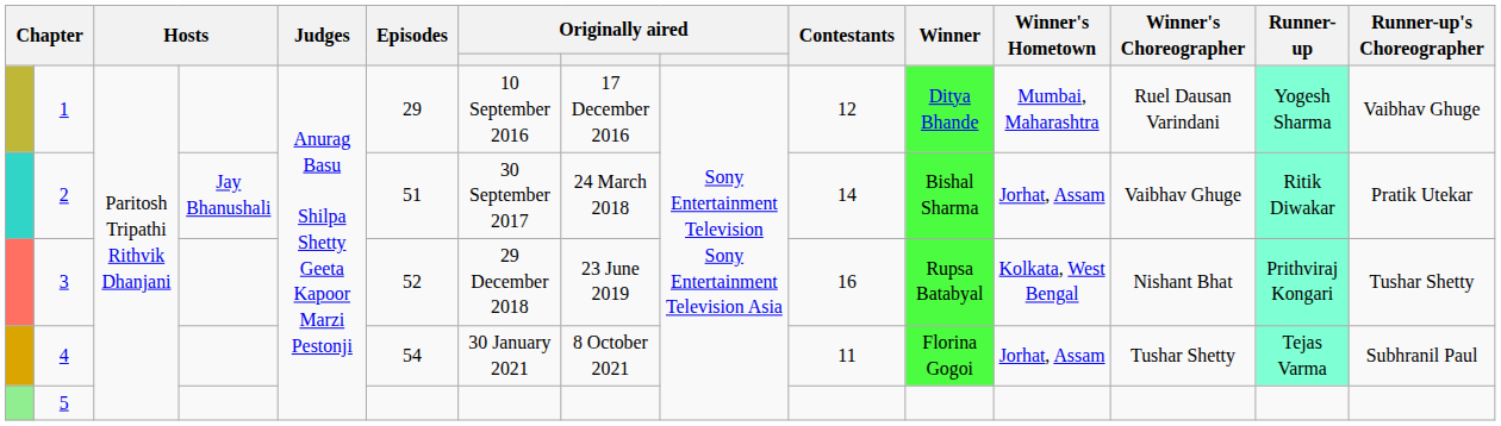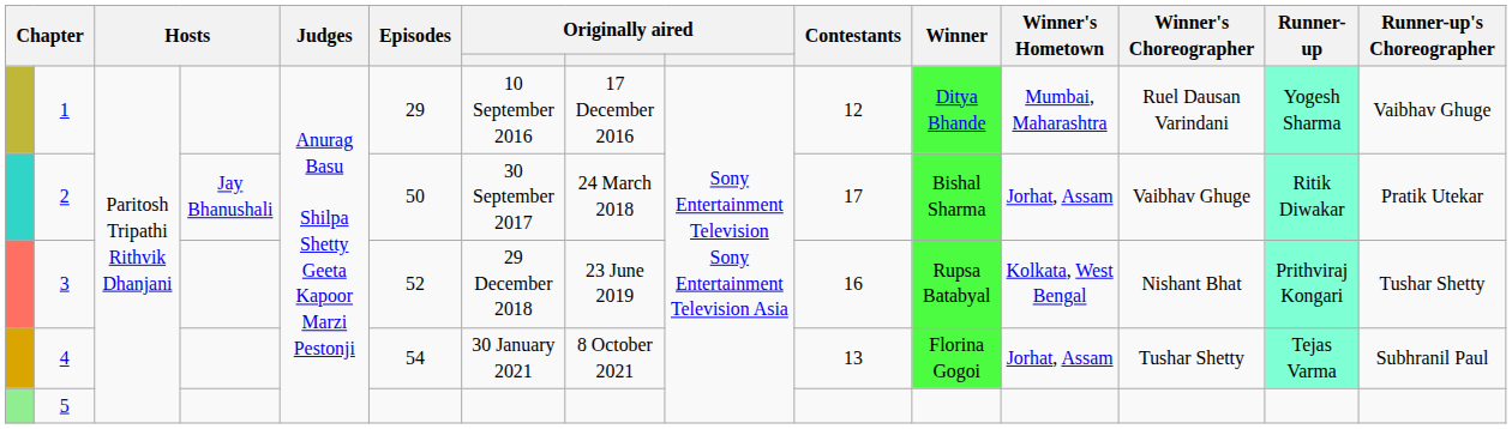 <table class="wikitable" style="text-align:center; width:100%; font-size:100%; line-height:22px;">
 <tr>
 <th style="width: 5%;" colspan="2" rowspan="2">Chapter</th>
 <th colspan="2" style="width: 5%;" rowspan="2">Hosts</th>
 <th style="width: 5%;" rowspan="2">Judges</th>
 <th rowspan="2" style="width: 5%;">Episodes</th>
 <th colspan="3" style="width: 5%;">Originally aired</th>
 <th rowspan="2" style="width: 5%;">Contestants</th>
 <th rowspan="2" style="width: 5%;">Winner</th>
 <th rowspan="2" style="width: 5%;">Winner's Hometown</th>
 <th rowspan="2" style="width: 5%;">Winner's Choreographer</th>
 <th rowspan="2" style="width: 5%;">Runner-up</th>
 <th rowspan="2" style="width: 5%;">Runner-up's Choreographer</th>
 </tr>
 <tr>
 <th style="width: 5%;"></th>
 <th style="width: 5%;"></th>
 <th style="width: 5%;"></th>
 </tr>
 <tr>
 <td style="background:#BFB737"></td>
 <td><a href='#'>1</a></td>
 <td rowspan="5">Paritosh Tripathi<br><a href='#'>Rithvik Dhanjani</a></td>
 <td></td>
 <td rowspan="6"><a href='#'>Anurag Basu</a><br><br><a href='#'>Shilpa Shetty</a><br> <a href='#'>Geeta Kapoor</a><br> <a href='#'>Marzi Pestonji</a></td>
 <td>29</td>
 <td>10 September 2016</td>
 <td>17 December 2016</td>
 <td rowspan="5" style="width: 5%;"><a href='#'>Sony Entertainment Television</a><br><a href='#'>Sony Entertainment Television Asia</a></td>
 <td>12</td>
 <td style="background:#4CFC40;"><a href='#'>Ditya Bhande</a></td>
 <td><a href='#'>Mumbai</a>, <a href='#'>Maharashtra</a></td>
 <td>Ruel Dausan Varindani</td>
 <td style ="background:#7FFFD4;">Yogesh Sharma</td>
 <td>Vaibhav Ghuge</td>
 </tr>
 <tr>
 <td style="background:#30D5C8"></td>
 <td><a href='#'>2</a></td>
 <td><a href='#'>Jay Bhanushali</a></td>
-<td>51</td>
+<td>50</td>
 <td>30 September 2017</td>
 <td>24 March 2018</td>
-<td>14</td>
+<td>17</td>
 <td style="background:#4CFC40;">Bishal Sharma</td>
 <td><a href='#'>Jorhat</a>, <a href='#'>Assam</a></td>
 <td>Vaibhav Ghuge</td>
 <td style ="background:#7FFFD4;">Ritik Diwakar</td>
 <td>Pratik Utekar</td>
 </tr>
 <tr>
 <td style="background:#FF6F62"></td>
 <td><a href='#'>3</a></td>
 <td></td>
 <td>52</td>
 <td>29 December 2018</td>
 <td>23 June 2019</td>
 <td>16</td>
 <td style="background:#4CFC40;">Rupsa Batabyal</td>
 <td><a href='#'>Kolkata</a>, <a href='#'>West Bengal</a></td>
 <td>Nishant Bhat</td>
 <td style ="background:#7FFFD4;">Prithviraj Kongari</td>
 <td>Tushar Shetty</td>
 </tr>
 <tr>
 <td style="background:#DAA500"></td>
 <td><a href='#'>4</a></td>
 <td></td>
 <td>54</td>
 <td>30 January 2021</td>
 <td>8 October 2021</td>
-<td>11</td>
+<td>13</td>
 <td style="background:#4CFC40;">Florina Gogoi</td>
 <td><a href='#'>Jorhat</a>, <a href='#'>Assam</a></td>
 <td>Tushar Shetty</td>
 <td style ="background:#7FFFD4;">Tejas Varma</td>
 <td>Subhranil Paul</td>
 </tr>
 <tr>
 <td style="Background:lightgreen"></td>
 <td><a href='#'>5</a></td>
 <td></td>
 <td></td>
 <td></td>
 <td></td>
 <td></td>
 <td></td>
 <td></td>
 <td></td>
 <td></td>
 <td></td>
 </tr>
 </table>
